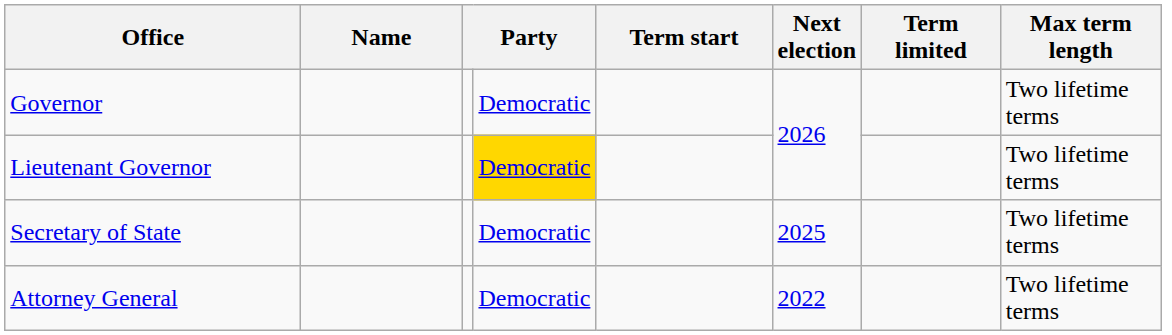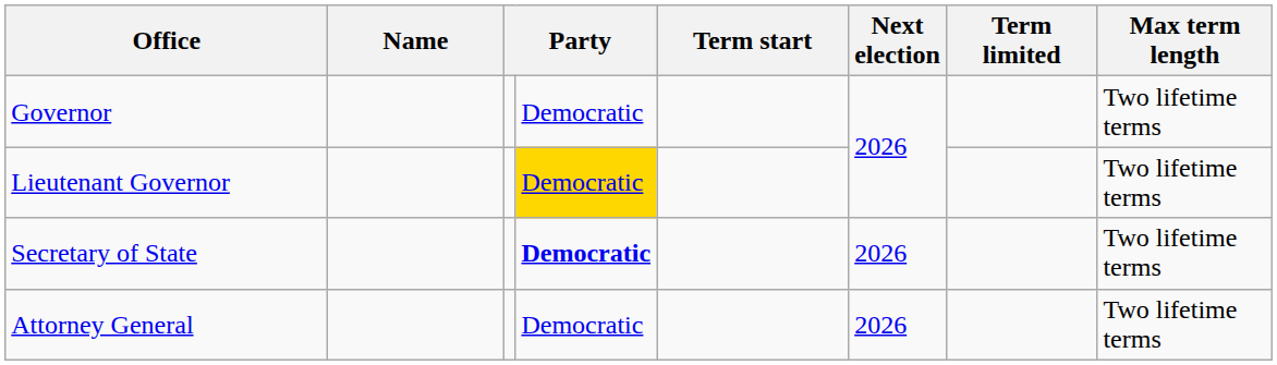 <table class="sortable wikitable">
 <tr>
 <th scope="col" width=190>Office</th>
 <th scope="col" width=100>Name</th>
 <th scope="col" width=75 colspan=2>Party</th>
 <th scope="col" width=110>Term start</th>
 <th scope="col" width=50>Next election</th>
 <th scope="col" width=85>Term limited</th>
 <th scope="col" width=100>Max term length</th>
 </tr>
 <tr>
 <td><a href='#'>Governor</a></td>
 <td></td>
 <td style="background-color:"></td>
 <td><a href='#'>Democratic</a></td>
 <td></td>
 <td rowspan=2><a href='#'>2026</a></td>
 <td></td>
 <td>Two lifetime terms</td>
 </tr>
 <tr>
 <td><a href='#'>Lieutenant Governor</a></td>
 <td></td>
 <td style="background-color:"></td>
 <td style="background: gold;"><a href='#'>Democratic</a></td>
 <td></td>
 <td></td>
 <td>Two lifetime terms</td>
 </tr>
 <tr>
 <td><a href='#'>Secretary of State</a></td>
 <td></td>
 <td style="background-color:"></td>
-<td><a href='#'>Democratic</a></td>
+<td><strong><a href='#'>Democratic</a></strong></td>
 <td></td>
-<td><a href='#'>2025</a></td>
+<td><a href='#'>2026</a></td>
 <td></td>
 <td>Two lifetime terms</td>
 </tr>
 <tr>
 <td><a href='#'>Attorney General</a></td>
 <td></td>
 <td style="background-color:"></td>
 <td><a href='#'>Democratic</a></td>
 <td></td>
-<td><a href='#'>2022</a></td>
+<td><a href='#'>2026</a></td>
 <td></td>
 <td>Two lifetime terms</td>
 </tr>
 </table>
